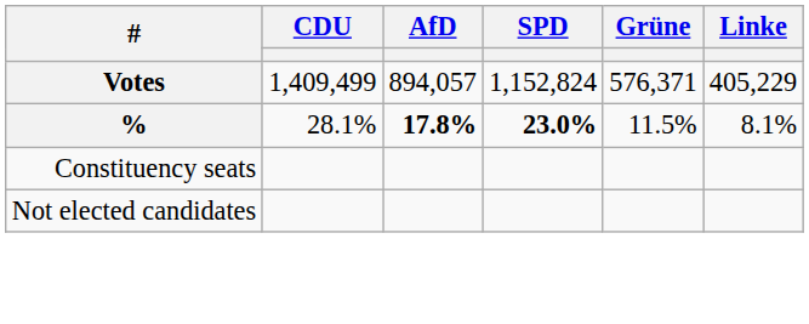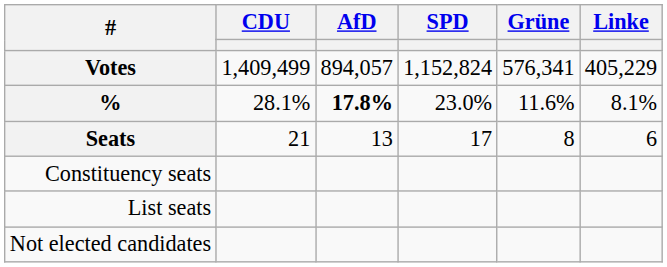 <table class="wikitable" style="text-align:right;vertical-align:top">
 <tr>
 <th rowspan="2">#</th>
 <th class="wikitable sortable"><a href='#'>CDU</a></th>
 <th class="wikitable sortable"><a href='#'>AfD</a></th>
 <th class="wikitable sortable"><a href='#'>SPD</a></th>
 <th class="wikitable sortable"><a href='#'>Grüne</a></th>
 <th class="wikitable sortable"><a href='#'>Linke</a></th>
 </tr>
 <tr>
 <th class="wikitable sortable" style="background:"></th>
 <th class="wikitable sortable" style="background:"></th>
 <th class="wikitable sortable" style="background:"></th>
 <th class="wikitable sortable" style="background:"></th>
 <th class="wikitable sortable" style="background:"></th>
 </tr>
 <tr>
 <th>Votes</th>
 <td>1,409,499</td>
 <td>894,057</td>
 <td>1,152,824</td>
-<td>576,371</td>
+<td>576,341</td>
 <td>405,229</td>
 </tr>
 <tr>
 <th>%</th>
 <td>28.1%</td>
 <td><strong>17.8%</strong></td>
-<td><strong>23.0%</strong></td>
-<td>11.5%</td>
+<td>23.0%</td>
+<td>11.6%</td>
 <td>8.1%</td>
+</tr>
+<tr>
+<th>Seats</th>
+<td>21</td>
+<td>13</td>
+<td>17</td>
+<td>8</td>
+<td>6</td>
 </tr>
 <tr style="vertical-align:top">
 <td>Constituency seats</td>
 <td></td>
 <td></td>
 <td></td>
+<td></td>
+<td></td>
+</tr>
+<tr style="vertical-align:top">
+<td>List seats</td>
+<td><br> </td>
+<td></td>
+<td><br></td>
 <td></td>
 <td></td>
 </tr>
 <tr style="vertical-align:top">
 <td>Not elected candidates</td>
 <td><div><br>      </div></td>
 <td><div><br> </div></td>
 <td><div><br>    </div></td>
 <td><div><br> </div></td>
 <td><div><br> </div></td>
 </tr>
 </table>
